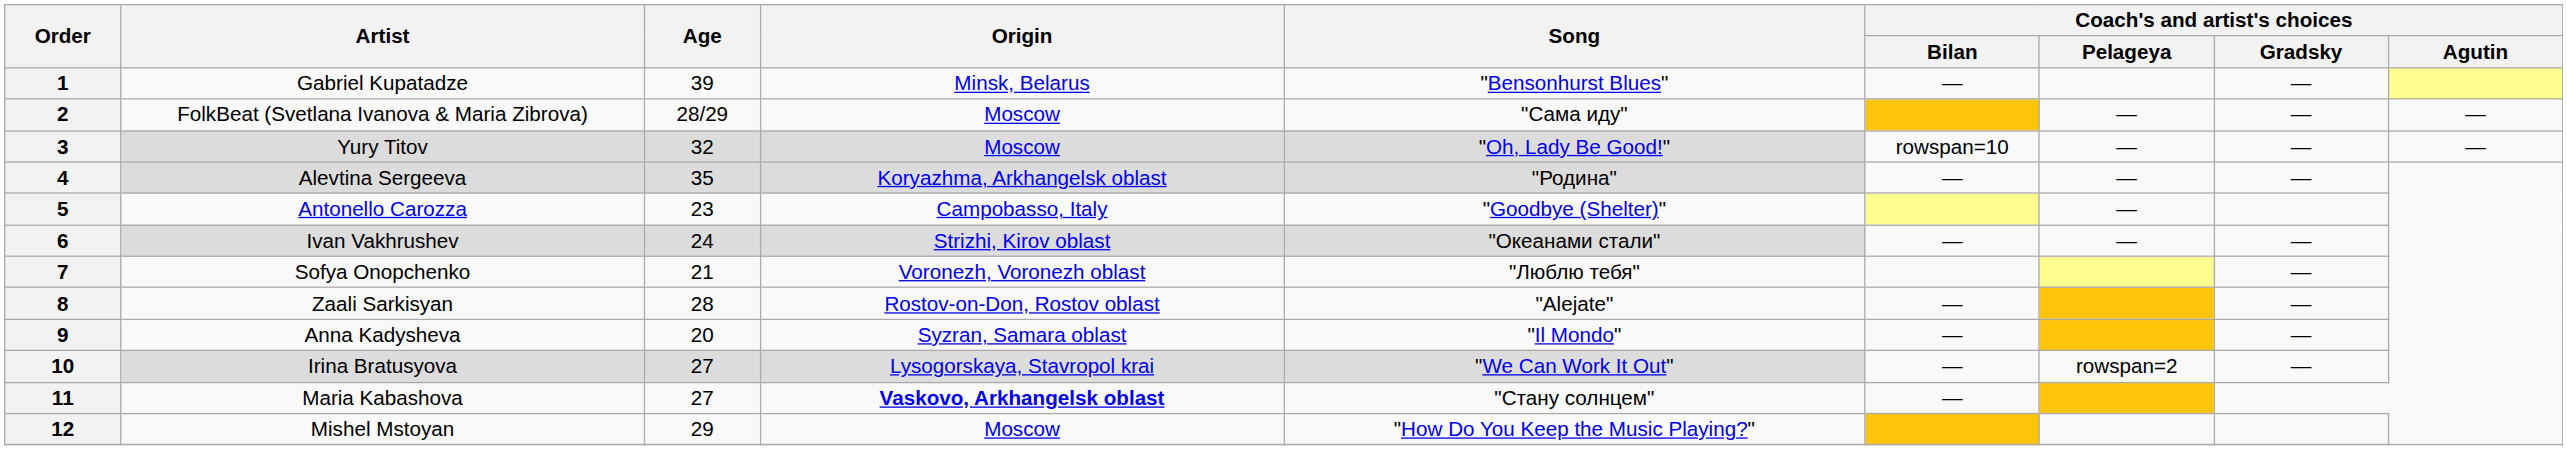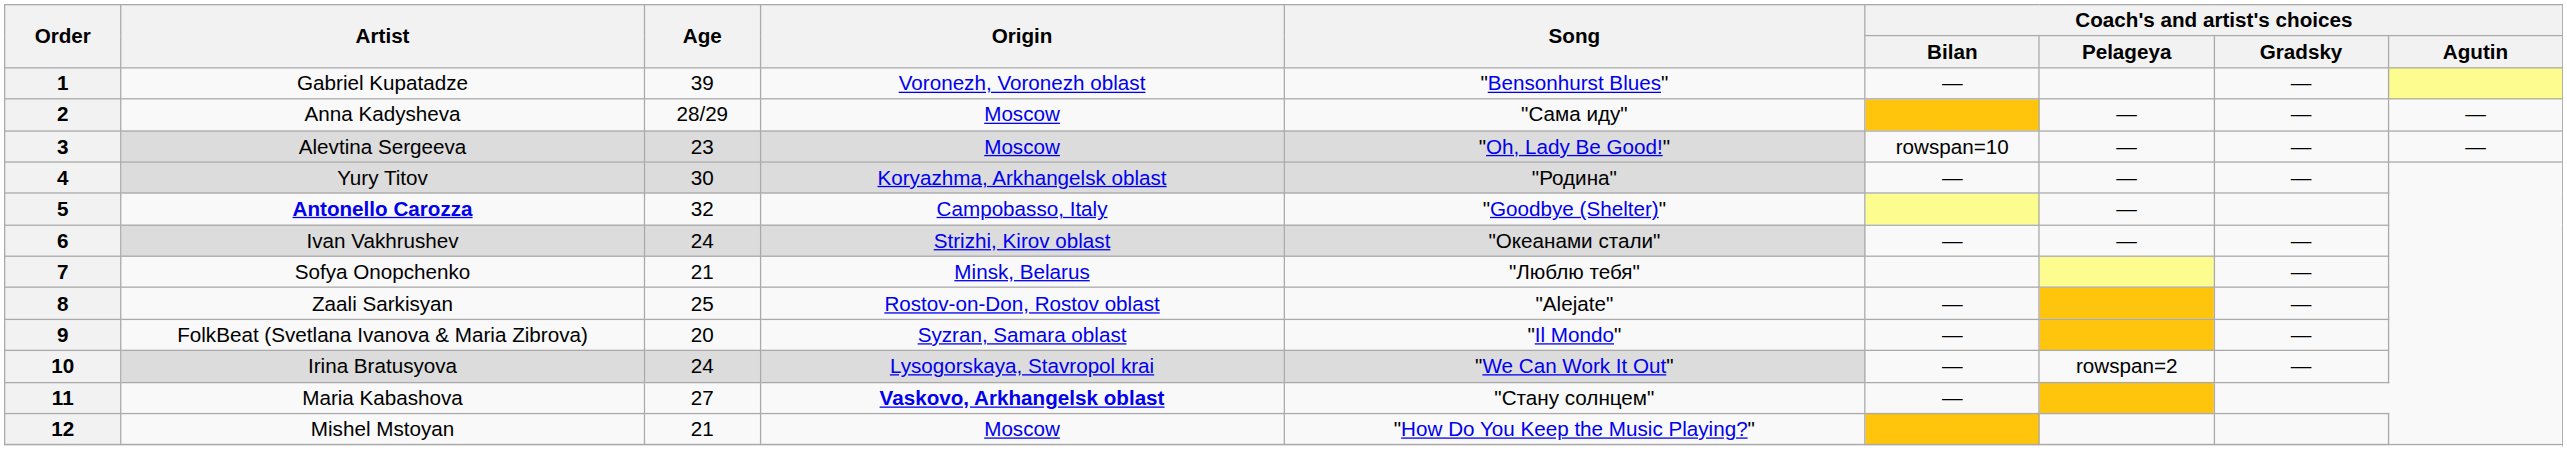 <table class="wikitable" style="text-align:center; line-height:17px; width:100%;">
 <tr>
 <th scope="col" rowspan="2" style="width:04%;">Order</th>
 <th scope="col" rowspan="2" style="width:18%;">Artist</th>
 <th scope="col" rowspan="2" style="width:04%;">Age</th>
 <th scope="col" rowspan="2" style="width:18%;">Origin</th>
 <th scope="col" rowspan="2" style="width:20%;">Song</th>
 <th scope="col" colspan="4" style="width:24%;">Coach's and artist's choices</th>
 </tr>
 <tr>
 <th style="width:06%;">Bilan</th>
 <th style="width:06%;">Pelageya</th>
 <th style="width:06%;">Gradsky</th>
 <th style="width:06%;">Agutin</th>
 </tr>
 <tr>
 <th>1</th>
 <td>Gabriel Kupatadze</td>
 <td>39</td>
-<td><a href='#'>Minsk, Belarus</a></td>
+<td><a href='#'>Voronezh, Voronezh oblast</a></td>
 <td>"<a href='#'>Bensonhurst Blues</a>"</td>
 <td>—</td>
 <td><strong></strong></td>
 <td>—</td>
 <td style="background:#fdfc8f;"><strong></strong></td>
 </tr>
 <tr>
 <th>2</th>
-<td>FolkBeat (Svetlana Ivanova & Maria Zibrova)</td>
+<td>Anna Kadysheva</td>
 <td>28/29</td>
 <td><a href='#'>Moscow</a></td>
 <td>"Сама иду"</td>
 <td style="background:#FFC40C;"><strong></strong></td>
 <td>—</td>
 <td>—</td>
 <td>—</td>
 </tr>
 <tr>
 <th>3</th>
-<td style="background:#DCDCDC;">Yury Titov</td>
-<td style="background:#DCDCDC;">32</td>
+<td style="background:#DCDCDC;">Alevtina Sergeeva</td>
+<td style="background:#DCDCDC;">23</td>
 <td style="background:#DCDCDC;"><a href='#'>Moscow</a></td>
 <td style="background:#DCDCDC;">"<a href='#'>Oh, Lady Be Good!</a>"</td>
 <td>rowspan=10 </td>
 <td>—</td>
 <td>—</td>
 <td>—</td>
 </tr>
 <tr>
 <th>4</th>
-<td style="background:#DCDCDC;">Alevtina Sergeeva</td>
-<td style="background:#DCDCDC;">35</td>
+<td style="background:#DCDCDC;">Yury Titov</td>
+<td style="background:#DCDCDC;">30</td>
 <td style="background:#DCDCDC;"><a href='#'>Koryazhma, Arkhangelsk oblast</a></td>
 <td style="background:#DCDCDC;">"Родина"</td>
 <td>—</td>
 <td>—</td>
 <td>—</td>
 </tr>
 <tr>
 <th>5</th>
-<td><a href='#'>Antonello Carozza</a></td>
-<td>23</td>
+<td><strong><a href='#'>Antonello Carozza</a></strong></td>
+<td>32</td>
 <td><a href='#'>Campobasso, Italy</a></td>
 <td>"<a href='#'>Goodbye (Shelter)</a>"</td>
 <td style="background:#fdfc8f;"><strong></strong></td>
 <td>—</td>
 <td><strong></strong></td>
 </tr>
 <tr>
 <th>6</th>
 <td style="background:#DCDCDC;">Ivan Vakhrushev</td>
 <td style="background:#DCDCDC;">24</td>
 <td style="background:#DCDCDC;"><a href='#'>Strizhi, Kirov oblast</a></td>
 <td style="background:#DCDCDC;">"Океанами стали"</td>
 <td>—</td>
 <td>—</td>
 <td>—</td>
 </tr>
 <tr>
 <th>7</th>
 <td>Sofya Onopchenko</td>
 <td>21</td>
-<td><a href='#'>Voronezh, Voronezh oblast</a></td>
+<td><a href='#'>Minsk, Belarus</a></td>
 <td>"Люблю тебя"</td>
 <td><strong></strong></td>
 <td style="background:#fdfc8f;"><strong></strong></td>
 <td>—</td>
 </tr>
 <tr>
 <th>8</th>
 <td>Zaali Sarkisyan</td>
-<td>28</td>
+<td>25</td>
 <td><a href='#'>Rostov-on-Don, Rostov oblast</a></td>
 <td>"Alejate"</td>
 <td>—</td>
 <td style="background:#FFC40C;"><strong></strong></td>
 <td>—</td>
 </tr>
 <tr>
 <th>9</th>
-<td>Anna Kadysheva</td>
+<td>FolkBeat (Svetlana Ivanova & Maria Zibrova)</td>
 <td>20</td>
 <td><a href='#'>Syzran, Samara oblast</a></td>
 <td>"<a href='#'>Il Mondo</a>"</td>
 <td>—</td>
 <td style="background:#FFC40C;"><strong></strong></td>
 <td>—</td>
 </tr>
 <tr>
 <th>10</th>
 <td style="background:#DCDCDC;">Irina Bratusyova</td>
-<td style="background:#DCDCDC;">27</td>
+<td style="background:#DCDCDC;">24</td>
 <td style="background:#DCDCDC;"><a href='#'>Lysogorskaya, Stavropol krai</a></td>
 <td style="background:#DCDCDC;">"<a href='#'>We Can Work It Out</a>"</td>
 <td>—</td>
 <td>rowspan=2 </td>
 <td>—</td>
 </tr>
 <tr>
 <th>11</th>
 <td>Maria Kabashova</td>
 <td>27</td>
 <td><strong><a href='#'>Vaskovo, Arkhangelsk oblast</a></strong></td>
 <td>"Стану солнцем"</td>
 <td>—</td>
 <td style="background:#FFC40C;"><strong></strong></td>
 </tr>
 <tr>
 <th>12</th>
 <td>Mishel Mstoyan</td>
-<td>29</td>
+<td>21</td>
 <td><a href='#'>Moscow</a></td>
 <td>"<a href='#'>How Do You Keep the Music Playing?</a>"</td>
 <td style="background:#FFC40C;"><strong></strong></td>
 <td><strong></strong></td>
 <td></td>
 </tr>
 <tr>
 </tr>
 </table>
